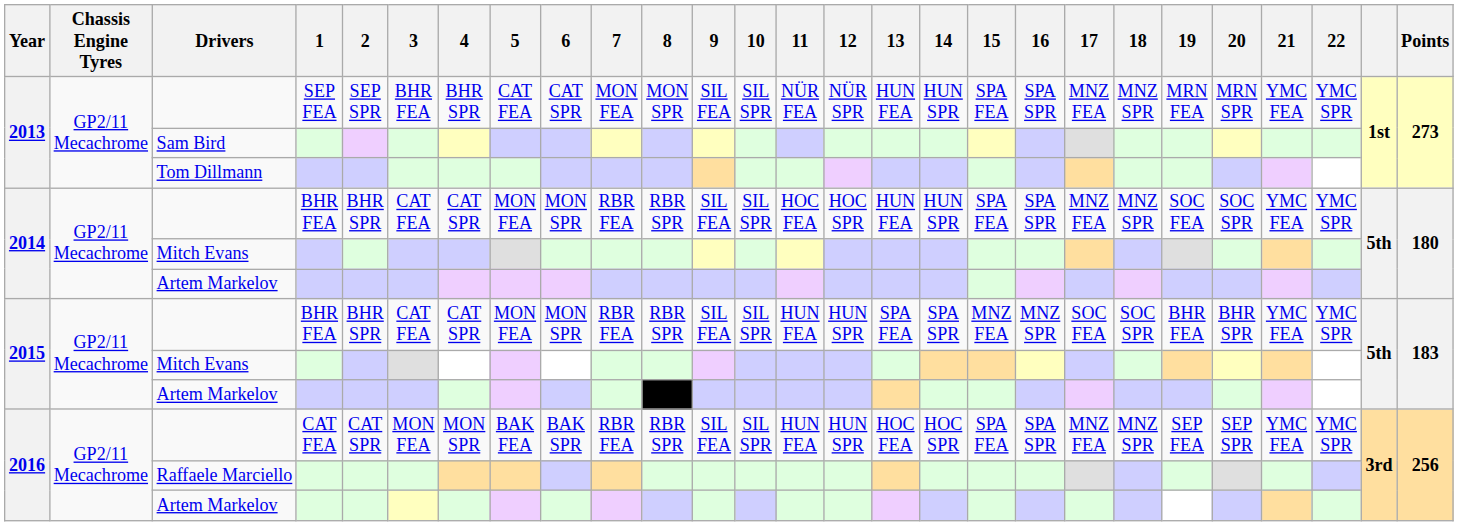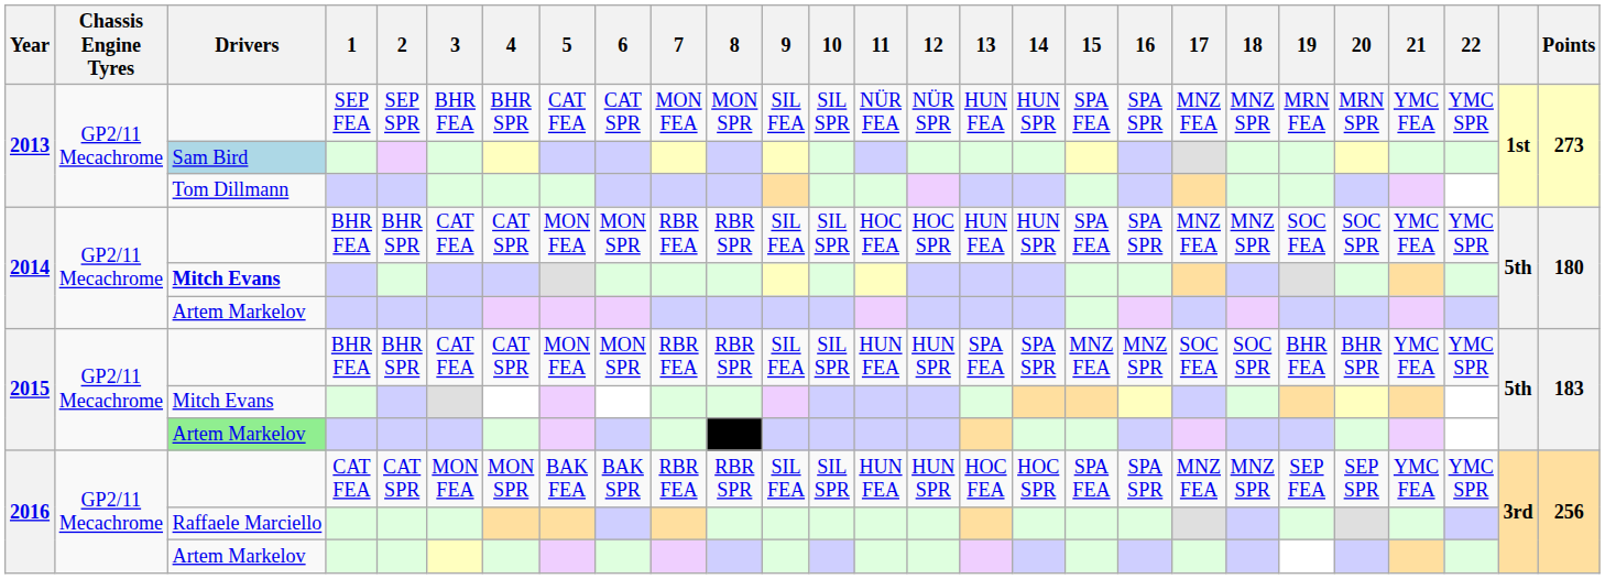 <table class="wikitable" style="text-align:center; font-size:85%;">
 <tr>
 <th>Year</th>
 <th>Chassis<br>Engine<br>Tyres</th>
 <th>Drivers</th>
 <th>1</th>
 <th>2</th>
 <th>3</th>
 <th>4</th>
 <th>5</th>
 <th>6</th>
 <th>7</th>
 <th>8</th>
 <th>9</th>
 <th>10</th>
 <th>11</th>
 <th>12</th>
 <th>13</th>
 <th>14</th>
 <th>15</th>
 <th>16</th>
 <th>17</th>
 <th>18</th>
 <th>19</th>
 <th>20</th>
 <th>21</th>
 <th>22</th>
 <th></th>
 <th>Points</th>
 </tr>
 <tr>
 <th rowspan=3><a href='#'>2013</a></th>
 <td rowspan=3><a href='#'>GP2/11</a><br><a href='#'>Mecachrome</a><br></td>
 <td></td>
 <td><a href='#'>SEP<br>FEA</a></td>
 <td><a href='#'>SEP<br>SPR</a></td>
 <td><a href='#'>BHR<br>FEA</a></td>
 <td><a href='#'>BHR<br>SPR</a></td>
 <td><a href='#'>CAT<br>FEA</a></td>
 <td><a href='#'>CAT<br>SPR</a></td>
 <td><a href='#'>MON<br>FEA</a></td>
 <td><a href='#'>MON<br>SPR</a></td>
 <td><a href='#'>SIL<br>FEA</a></td>
 <td><a href='#'>SIL<br>SPR</a></td>
 <td><a href='#'>NÜR<br>FEA</a></td>
 <td><a href='#'>NÜR<br>SPR</a></td>
 <td><a href='#'>HUN<br>FEA</a></td>
 <td><a href='#'>HUN<br>SPR</a></td>
 <td><a href='#'>SPA<br>FEA</a></td>
 <td><a href='#'>SPA<br>SPR</a></td>
 <td><a href='#'>MNZ<br>FEA</a></td>
 <td><a href='#'>MNZ<br>SPR</a></td>
 <td><a href='#'>MRN<br>FEA</a></td>
 <td><a href='#'>MRN<br>SPR</a></td>
 <td><a href='#'>YMC<br>FEA</a></td>
 <td><a href='#'>YMC<br>SPR</a></td>
 <th rowspan=3 style="background:#FFFFBF;">1st</th>
 <th rowspan=3 style="background:#FFFFBF;">273</th>
 </tr>
 <tr>
-<td align=left> <a href='#'>Sam Bird</a></td>
+<td align=left style="background: lightblue;"> <a href='#'>Sam Bird</a></td>
 <td style="background:#DFFFDF;"></td>
 <td style="background:#EFCFFF;"></td>
 <td style="background:#DFFFDF;"></td>
 <td style="background:#FFFFBF;"></td>
 <td style="background:#CFCFFF;"></td>
 <td style="background:#CFCFFF;"></td>
 <td style="background:#FFFFBF;"></td>
 <td style="background:#CFCFFF;"></td>
 <td style="background:#FFFFBF;"></td>
 <td style="background:#DFFFDF;"></td>
 <td style="background:#CFCFFF;"></td>
 <td style="background:#DFFFDF;"></td>
 <td style="background:#DFFFDF;"></td>
 <td style="background:#DFFFDF;"></td>
 <td style="background:#FFFFBF;"></td>
 <td style="background:#CFCFFF;"></td>
 <td style="background:#DFDFDF;"></td>
 <td style="background:#DFFFDF;"></td>
 <td style="background:#DFFFDF;"></td>
 <td style="background:#FFFFBF;"></td>
 <td style="background:#DFFFDF;"></td>
 <td style="background:#DFFFDF;"></td>
 </tr>
 <tr>
 <td align=left> <a href='#'>Tom Dillmann</a></td>
 <td style="background:#CFCFFF;"></td>
 <td style="background:#CFCFFF;"></td>
 <td style="background:#DFFFDF;"></td>
 <td style="background:#DFFFDF;"></td>
 <td style="background:#DFFFDF;"></td>
 <td style="background:#CFCFFF;"></td>
 <td style="background:#CFCFFF;"></td>
 <td style="background:#CFCFFF;"></td>
 <td style="background:#FFDF9F;"></td>
 <td style="background:#DFFFDF;"></td>
 <td style="background:#DFFFDF;"></td>
 <td style="background:#EFCFFF;"></td>
 <td style="background:#CFCFFF;"></td>
 <td style="background:#CFCFFF;"></td>
 <td style="background:#DFFFDF;"></td>
 <td style="background:#CFCFFF;"></td>
 <td style="background:#FFDF9F;"></td>
 <td style="background:#DFFFDF;"></td>
 <td style="background:#DFFFDF;"></td>
 <td style="background:#CFCFFF;"></td>
 <td style="background:#EFCFFF;"></td>
 <td style="background:#FFFFFF;"></td>
 </tr>
 <tr>
 <th rowspan=3><a href='#'>2014</a></th>
 <td rowspan=3><a href='#'>GP2/11</a><br><a href='#'>Mecachrome</a><br></td>
 <td></td>
 <td><a href='#'>BHR<br>FEA</a></td>
 <td><a href='#'>BHR<br>SPR</a></td>
 <td><a href='#'>CAT<br>FEA</a></td>
 <td><a href='#'>CAT<br>SPR</a></td>
 <td><a href='#'>MON<br>FEA</a></td>
 <td><a href='#'>MON<br>SPR</a></td>
 <td><a href='#'>RBR<br>FEA</a></td>
 <td><a href='#'>RBR<br>SPR</a></td>
 <td><a href='#'>SIL<br>FEA</a></td>
 <td><a href='#'>SIL<br>SPR</a></td>
 <td><a href='#'>HOC<br>FEA</a></td>
 <td><a href='#'>HOC<br>SPR</a></td>
 <td><a href='#'>HUN<br>FEA</a></td>
 <td><a href='#'>HUN<br>SPR</a></td>
 <td><a href='#'>SPA<br>FEA</a></td>
 <td><a href='#'>SPA<br>SPR</a></td>
 <td><a href='#'>MNZ<br>FEA</a></td>
 <td><a href='#'>MNZ<br>SPR</a></td>
 <td><a href='#'>SOC<br>FEA</a></td>
 <td><a href='#'>SOC<br>SPR</a></td>
 <td><a href='#'>YMC<br>FEA</a></td>
 <td><a href='#'>YMC<br>SPR</a></td>
 <th rowspan=3>5th</th>
 <th rowspan=3>180</th>
 </tr>
 <tr>
-<td align=left> <a href='#'>Mitch Evans</a></td>
+<td align=left><strong> <a href='#'>Mitch Evans</a></strong></td>
 <td style="background:#CFCFFF;"></td>
 <td style="background:#DFFFDF;"></td>
 <td style="background:#CFCFFF;"></td>
 <td style="background:#CFCFFF;"></td>
 <td style="background:#DFDFDF;"></td>
 <td style="background:#DFFFDF;"></td>
 <td style="background:#DFFFDF;"></td>
 <td style="background:#DFFFDF;"></td>
 <td style="background:#FFFFBF;"></td>
 <td style="background:#DFFFDF;"></td>
 <td style="background:#FFFFBF;"></td>
 <td style="background:#CFCFFF;"></td>
 <td style="background:#CFCFFF;"></td>
 <td style="background:#CFCFFF;"></td>
 <td style="background:#DFFFDF;"></td>
 <td style="background:#DFFFDF;"></td>
 <td style="background:#FFDF9F;"></td>
 <td style="background:#CFCFFF;"></td>
 <td style="background:#DFDFDF;"></td>
 <td style="background:#DFFFDF;"></td>
 <td style="background:#FFDF9F;"></td>
 <td style="background:#DFFFDF;"></td>
 </tr>
 <tr>
 <td align=left> <a href='#'>Artem Markelov</a></td>
 <td style="background:#CFCFFF;"></td>
 <td style="background:#CFCFFF;"></td>
 <td style="background:#CFCFFF;"></td>
 <td style="background:#EFCFFF;"></td>
 <td style="background:#EFCFFF;"></td>
 <td style="background:#EFCFFF;"></td>
 <td style="background:#CFCFFF;"></td>
 <td style="background:#CFCFFF;"></td>
 <td style="background:#CFCFFF;"></td>
 <td style="background:#CFCFFF;"></td>
 <td style="background:#EFCFFF;"></td>
 <td style="background:#CFCFFF;"></td>
 <td style="background:#CFCFFF;"></td>
 <td style="background:#CFCFFF;"></td>
 <td style="background:#DFFFDF;"></td>
 <td style="background:#EFCFFF;"></td>
 <td style="background:#CFCFFF;"></td>
 <td style="background:#EFCFFF;"></td>
 <td style="background:#CFCFFF;"></td>
 <td style="background:#CFCFFF;"></td>
 <td style="background:#EFCFFF;"></td>
 <td style="background:#CFCFFF;"></td>
 </tr>
 <tr>
 <th rowspan=3><a href='#'>2015</a></th>
 <td rowspan=3><a href='#'>GP2/11</a><br><a href='#'>Mecachrome</a><br></td>
 <td></td>
 <td><a href='#'>BHR<br>FEA</a></td>
 <td><a href='#'>BHR<br>SPR</a></td>
 <td><a href='#'>CAT<br>FEA</a></td>
 <td><a href='#'>CAT<br>SPR</a></td>
 <td><a href='#'>MON<br>FEA</a></td>
 <td><a href='#'>MON<br>SPR</a></td>
 <td><a href='#'>RBR<br>FEA</a></td>
 <td><a href='#'>RBR<br>SPR</a></td>
 <td><a href='#'>SIL<br>FEA</a></td>
 <td><a href='#'>SIL<br>SPR</a></td>
 <td><a href='#'>HUN<br>FEA</a></td>
 <td><a href='#'>HUN<br>SPR</a></td>
 <td><a href='#'>SPA<br>FEA</a></td>
 <td><a href='#'>SPA<br>SPR</a></td>
 <td><a href='#'>MNZ<br>FEA</a></td>
 <td><a href='#'>MNZ<br>SPR</a></td>
 <td><a href='#'>SOC<br>FEA</a></td>
 <td><a href='#'>SOC<br>SPR</a></td>
 <td><a href='#'>BHR<br>FEA</a></td>
 <td><a href='#'>BHR<br>SPR</a></td>
 <td><a href='#'>YMC<br>FEA</a></td>
 <td><a href='#'>YMC<br>SPR</a></td>
 <th rowspan=3>5th</th>
 <th rowspan=3>183</th>
 </tr>
 <tr>
 <td align=left> <a href='#'>Mitch Evans</a></td>
 <td style="background:#DFFFDF;"></td>
 <td style="background:#CFCFFF;"></td>
 <td style="background:#DFDFDF;"></td>
 <td style="background:#FFFFFF;"></td>
 <td style="background:#EFCFFF;"></td>
 <td style="background:#FFFFFF;"></td>
 <td style="background:#DFFFDF;"></td>
 <td style="background:#DFFFDF;"></td>
 <td style="background:#EFCFFF;"></td>
 <td style="background:#CFCFFF;"></td>
 <td style="background:#CFCFFF;"></td>
 <td style="background:#CFCFFF;"></td>
 <td style="background:#DFFFDF;"></td>
 <td style="background:#FFDF9F;"></td>
 <td style="background:#FFDF9F;"></td>
 <td style="background:#FFFFBF;"></td>
 <td style="background:#CFCFFF;"></td>
 <td style="background:#DFFFDF;"></td>
 <td style="background:#FFDF9F;"></td>
 <td style="background:#FFFFBF;"></td>
 <td style="background:#FFDF9F;"></td>
 <td style="background:#FFFFFF;"></td>
 </tr>
 <tr>
-<td align=left> <a href='#'>Artem Markelov</a></td>
+<td align=left style="background: lightgreen;"> <a href='#'>Artem Markelov</a></td>
 <td style="background:#CFCFFF;"></td>
 <td style="background:#CFCFFF;"></td>
 <td style="background:#CFCFFF;"></td>
 <td style="background:#DFFFDF;"></td>
 <td style="background:#EFCFFF;"></td>
 <td style="background:#CFCFFF;"></td>
 <td style="background:#DFFFDF;"></td>
 <td style="background:#000000; color:white"></td>
 <td style="background:#CFCFFF;"></td>
 <td style="background:#CFCFFF;"></td>
 <td style="background:#CFCFFF;"></td>
 <td style="background:#CFCFFF;"></td>
 <td style="background:#FFDF9F;"></td>
 <td style="background:#DFFFDF;"></td>
 <td style="background:#DFFFDF;"></td>
 <td style="background:#CFCFFF;"></td>
 <td style="background:#EFCFFF;"></td>
 <td style="background:#CFCFFF;"></td>
 <td style="background:#CFCFFF;"></td>
 <td style="background:#DFFFDF;"></td>
 <td style="background:#EFCFFF;"></td>
 <td style="background:#FFFFFF;"></td>
 </tr>
 <tr>
 <th rowspan=3><a href='#'>2016</a></th>
 <td rowspan=3><a href='#'>GP2/11</a><br><a href='#'>Mecachrome</a><br></td>
 <td></td>
 <td><a href='#'>CAT<br>FEA</a></td>
 <td><a href='#'>CAT<br>SPR</a></td>
 <td><a href='#'>MON<br>FEA</a></td>
 <td><a href='#'>MON<br>SPR</a></td>
 <td><a href='#'>BAK<br>FEA</a></td>
 <td><a href='#'>BAK<br>SPR</a></td>
 <td><a href='#'>RBR<br>FEA</a></td>
 <td><a href='#'>RBR<br>SPR</a></td>
 <td><a href='#'>SIL<br>FEA</a></td>
 <td><a href='#'>SIL<br>SPR</a></td>
 <td><a href='#'>HUN<br>FEA</a></td>
 <td><a href='#'>HUN<br>SPR</a></td>
 <td><a href='#'>HOC<br>FEA</a></td>
 <td><a href='#'>HOC<br>SPR</a></td>
 <td><a href='#'>SPA<br>FEA</a></td>
 <td><a href='#'>SPA<br>SPR</a></td>
 <td><a href='#'>MNZ<br>FEA</a></td>
 <td><a href='#'>MNZ<br>SPR</a></td>
 <td><a href='#'>SEP<br>FEA</a></td>
 <td><a href='#'>SEP<br>SPR</a></td>
 <td><a href='#'>YMC<br>FEA</a></td>
 <td><a href='#'>YMC<br>SPR</a></td>
 <th rowspan=3 style="background:#FFDF9F;">3rd</th>
 <th rowspan=3 style="background:#FFDF9F;">256</th>
 </tr>
 <tr>
 <td align=left> <a href='#'>Raffaele Marciello</a></td>
 <td style="background:#DFFFDF;"></td>
 <td style="background:#DFFFDF;"></td>
 <td style="background:#DFFFDF;"></td>
 <td style="background:#FFDF9F;"></td>
 <td style="background:#FFDF9F;"></td>
 <td style="background:#CFCFFF;"></td>
 <td style="background:#FFDF9F;"></td>
 <td style="background:#DFFFDF;"></td>
 <td style="background:#DFFFDF;"></td>
 <td style="background:#DFFFDF;"></td>
 <td style="background:#DFFFDF;"></td>
 <td style="background:#DFFFDF;"></td>
 <td style="background:#FFDF9F;"></td>
 <td style="background:#DFFFDF;"></td>
 <td style="background:#DFFFDF;"></td>
 <td style="background:#DFFFDF;"></td>
 <td style="background:#DFDFDF;"></td>
 <td style="background:#CFCFFF;"></td>
 <td style="background:#DFFFDF;"></td>
 <td style="background:#DFDFDF;"></td>
 <td style="background:#DFFFDF;"></td>
 <td style="background:#CFCFFF;"></td>
 </tr>
 <tr>
 <td align=left> <a href='#'>Artem Markelov</a></td>
 <td style="background:#DFFFDF;"></td>
 <td style="background:#DFFFDF;"></td>
 <td style="background:#FFFFBF;"></td>
 <td style="background:#DFFFDF;"></td>
 <td style="background:#EFCFFF;"></td>
 <td style="background:#DFFFDF;"></td>
 <td style="background:#EFCFFF;"></td>
 <td style="background:#CFCFFF;"></td>
 <td style="background:#DFFFDF;"></td>
 <td style="background:#CFCFFF;"></td>
 <td style="background:#DFFFDF;"></td>
 <td style="background:#DFFFDF;"></td>
 <td style="background:#EFCFFF;"></td>
 <td style="background:#CFCFFF;"></td>
 <td style="background:#DFFFDF;"></td>
 <td style="background:#CFCFFF;"></td>
 <td style="background:#DFFFDF;"></td>
 <td style="background:#CFCFFF;"></td>
 <td style="background:#FFFFFF;"></td>
 <td style="background:#CFCFFF;"></td>
 <td style="background:#FFDF9F;"></td>
 <td style="background:#DFFFDF;"></td>
 </tr>
 </table>
